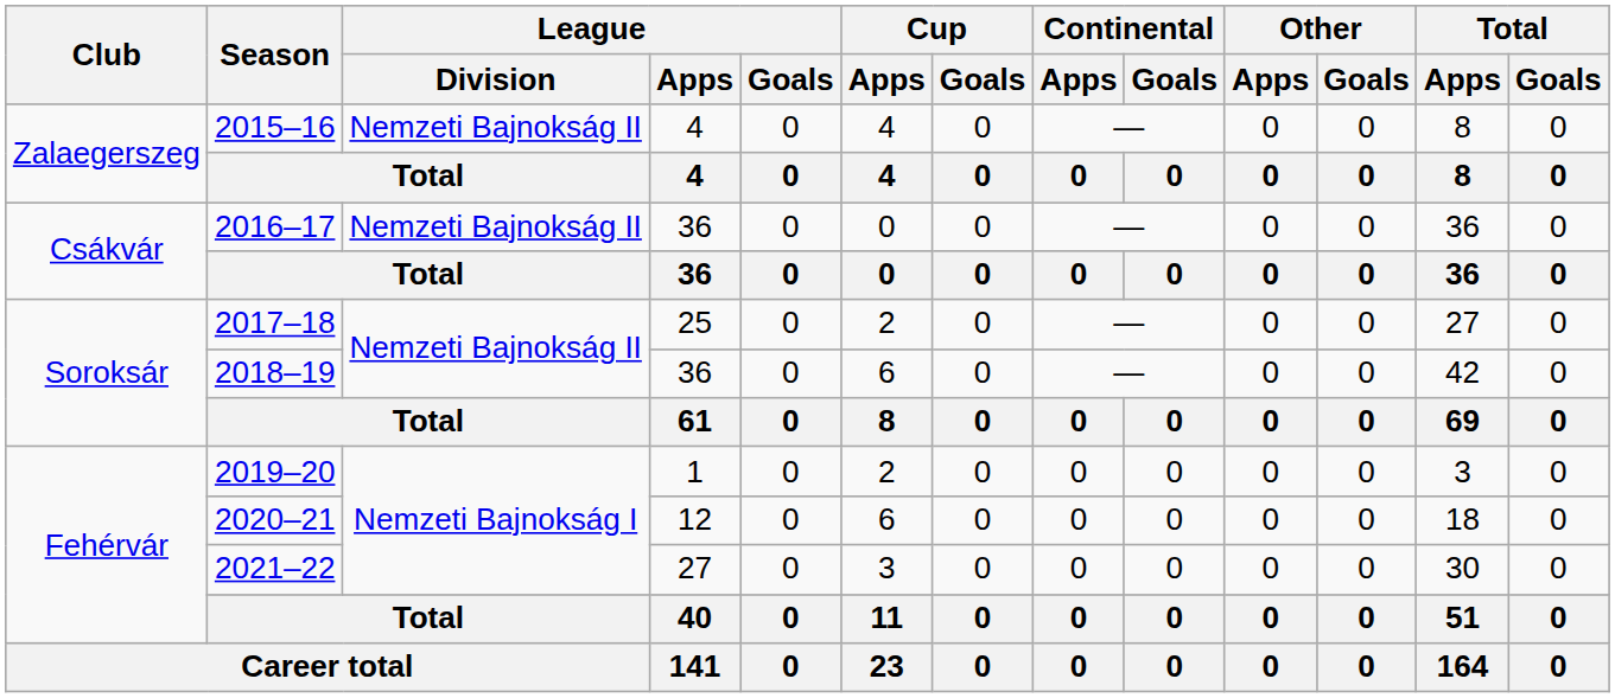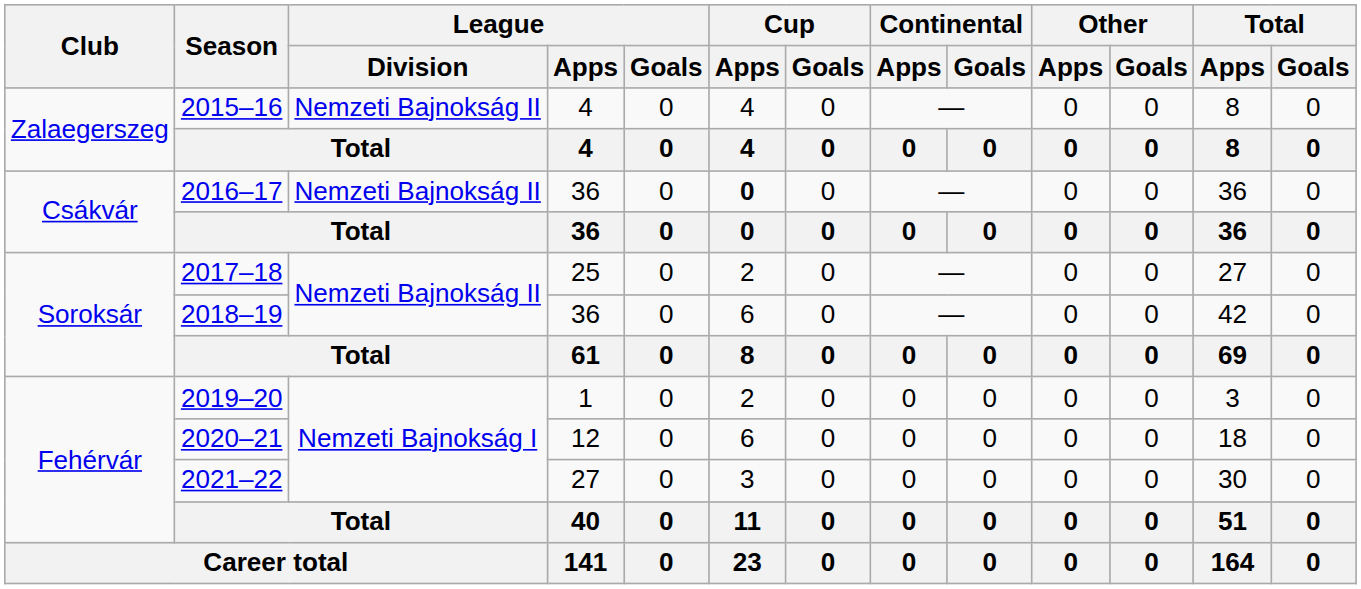 <table class="wikitable" style="text-align:center">
 <tr>
 <th rowspan="2">Club</th>
 <th rowspan="2">Season</th>
 <th colspan="3">League</th>
 <th colspan="2">Cup</th>
 <th colspan="2">Continental</th>
 <th colspan="2">Other</th>
 <th colspan="2">Total</th>
 </tr>
 <tr>
 <th>Division</th>
 <th>Apps</th>
 <th>Goals</th>
 <th>Apps</th>
 <th>Goals</th>
 <th>Apps</th>
 <th>Goals</th>
 <th>Apps</th>
 <th>Goals</th>
 <th>Apps</th>
 <th>Goals</th>
 </tr>
 <tr>
 <td rowspan="2"><a href='#'>Zalaegerszeg</a></td>
 <td><a href='#'>2015–16</a></td>
 <td><a href='#'>Nemzeti Bajnokság II</a></td>
 <td>4</td>
 <td>0</td>
 <td>4</td>
 <td>0</td>
 <td colspan="2">—</td>
 <td>0</td>
 <td>0</td>
 <td>8</td>
 <td>0</td>
 </tr>
 <tr>
 <th colspan="2">Total</th>
 <th>4</th>
 <th>0</th>
 <th>4</th>
 <th>0</th>
 <th>0</th>
 <th>0</th>
 <th>0</th>
 <th>0</th>
 <th>8</th>
 <th>0</th>
 </tr>
 <tr>
 <td rowspan="2"><a href='#'>Csákvár</a></td>
 <td><a href='#'>2016–17</a></td>
 <td><a href='#'>Nemzeti Bajnokság II</a></td>
 <td>36</td>
 <td>0</td>
-<td>0</td>
+<td><strong>0</strong></td>
 <td>0</td>
 <td colspan="2">—</td>
 <td>0</td>
 <td>0</td>
 <td>36</td>
 <td>0</td>
 </tr>
 <tr>
 <th colspan="2">Total</th>
 <th>36</th>
 <th>0</th>
 <th>0</th>
 <th>0</th>
 <th>0</th>
 <th>0</th>
 <th>0</th>
 <th>0</th>
 <th>36</th>
 <th>0</th>
 </tr>
 <tr>
 <td rowspan="3"><a href='#'>Soroksár</a></td>
 <td><a href='#'>2017–18</a></td>
 <td rowspan="2"><a href='#'>Nemzeti Bajnokság II</a></td>
 <td>25</td>
 <td>0</td>
 <td>2</td>
 <td>0</td>
 <td colspan="2">—</td>
 <td>0</td>
 <td>0</td>
 <td>27</td>
 <td>0</td>
 </tr>
 <tr>
 <td><a href='#'>2018–19</a></td>
 <td>36</td>
 <td>0</td>
 <td>6</td>
 <td>0</td>
 <td colspan="2">—</td>
 <td>0</td>
 <td>0</td>
 <td>42</td>
 <td>0</td>
 </tr>
 <tr>
 <th colspan="2">Total</th>
 <th>61</th>
 <th>0</th>
 <th>8</th>
 <th>0</th>
 <th>0</th>
 <th>0</th>
 <th>0</th>
 <th>0</th>
 <th>69</th>
 <th>0</th>
 </tr>
 <tr>
 <td rowspan="4"><a href='#'>Fehérvár</a></td>
 <td><a href='#'>2019–20</a></td>
 <td rowspan="3"><a href='#'>Nemzeti Bajnokság I</a></td>
 <td>1</td>
 <td>0</td>
 <td>2</td>
 <td>0</td>
 <td>0</td>
 <td>0</td>
 <td>0</td>
 <td>0</td>
 <td>3</td>
 <td>0</td>
 </tr>
 <tr>
 <td><a href='#'>2020–21</a></td>
 <td>12</td>
 <td>0</td>
 <td>6</td>
 <td>0</td>
 <td>0</td>
 <td>0</td>
 <td>0</td>
 <td>0</td>
 <td>18</td>
 <td>0</td>
 </tr>
 <tr>
 <td><a href='#'>2021–22</a></td>
 <td>27</td>
 <td>0</td>
 <td>3</td>
 <td>0</td>
 <td>0</td>
 <td>0</td>
 <td>0</td>
 <td>0</td>
 <td>30</td>
 <td>0</td>
 </tr>
 <tr>
 <th colspan="2">Total</th>
 <th>40</th>
 <th>0</th>
 <th>11</th>
 <th>0</th>
 <th>0</th>
 <th>0</th>
 <th>0</th>
 <th>0</th>
 <th>51</th>
 <th>0</th>
 </tr>
 <tr>
 <th colspan="3">Career total</th>
 <th>141</th>
 <th>0</th>
 <th>23</th>
 <th>0</th>
 <th>0</th>
 <th>0</th>
 <th>0</th>
 <th>0</th>
 <th>164</th>
 <th>0</th>
 </tr>
 </table>
